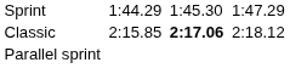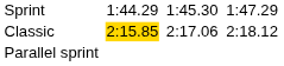 <table>
 <tr>
 <td>Sprint</td>
 <td></td>
 <td>1:44.29</td>
 <td></td>
 <td>1:45.30</td>
 <td></td>
 <td>1:47.29</td>
 </tr>
 <tr>
 <td>Classic</td>
 <td></td>
-<td>2:15.85</td>
+<td style="background: gold;">2:15.85</td>
 <td></td>
-<td><strong>2:17.06</strong></td>
+<td>2:17.06</td>
 <td></td>
 <td>2:18.12</td>
 </tr>
 <tr>
 <td>Parallel sprint</td>
 <td colspan="2"></td>
 <td colspan="2"></td>
 <td colspan="2"></td>
 </tr>
 </table>
